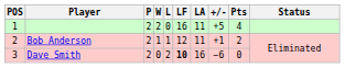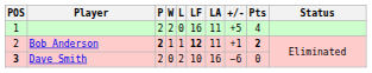 <table class="wikitable" style="text-align:center; margin: 1em auto 1em auto, align:left">
 <tr>
 <th width=20>POS</th>
 <th width=168>Player</th>
 <th width=3>P</th>
 <th width=3>W</th>
 <th width=3>L</th>
 <th width=20>LF</th>
 <th width=20>LA</th>
 <th width=20>+/-</th>
 <th width=20>Pts</th>
 <th width=126>Status</th>
 </tr>
 <tr style="background:#CCFFCC;">
 <td>1</td>
 <td style="text-align:left;"></td>
 <td>2</td>
 <td>2</td>
 <td>0</td>
 <td>16</td>
 <td>11</td>
 <td>+5</td>
 <td>4</td>
 <td rowspan=1></td>
 </tr>
 <tr style="background:#FFCCCC;">
 <td>2</td>
 <td style="text-align:left;"> <a href='#'>Bob Anderson</a></td>
-<td>2</td>
+<td><strong>2</strong></td>
 <td>1</td>
 <td>1</td>
-<td>12</td>
+<td><strong>12</strong></td>
 <td>11</td>
 <td>+1</td>
-<td>2</td>
+<td><strong>2</strong></td>
 <td rowspan=2>Eliminated</td>
 </tr>
 <tr style="background:#FFCCCC;">
-<td>3</td>
+<td><strong>3</strong></td>
 <td style="text-align:left;"> <a href='#'>Dave Smith</a></td>
 <td>2</td>
 <td>0</td>
 <td>2</td>
-<td><strong>10</strong></td>
+<td>10</td>
 <td>16</td>
 <td>−6</td>
 <td>0</td>
 </tr>
 </table>
